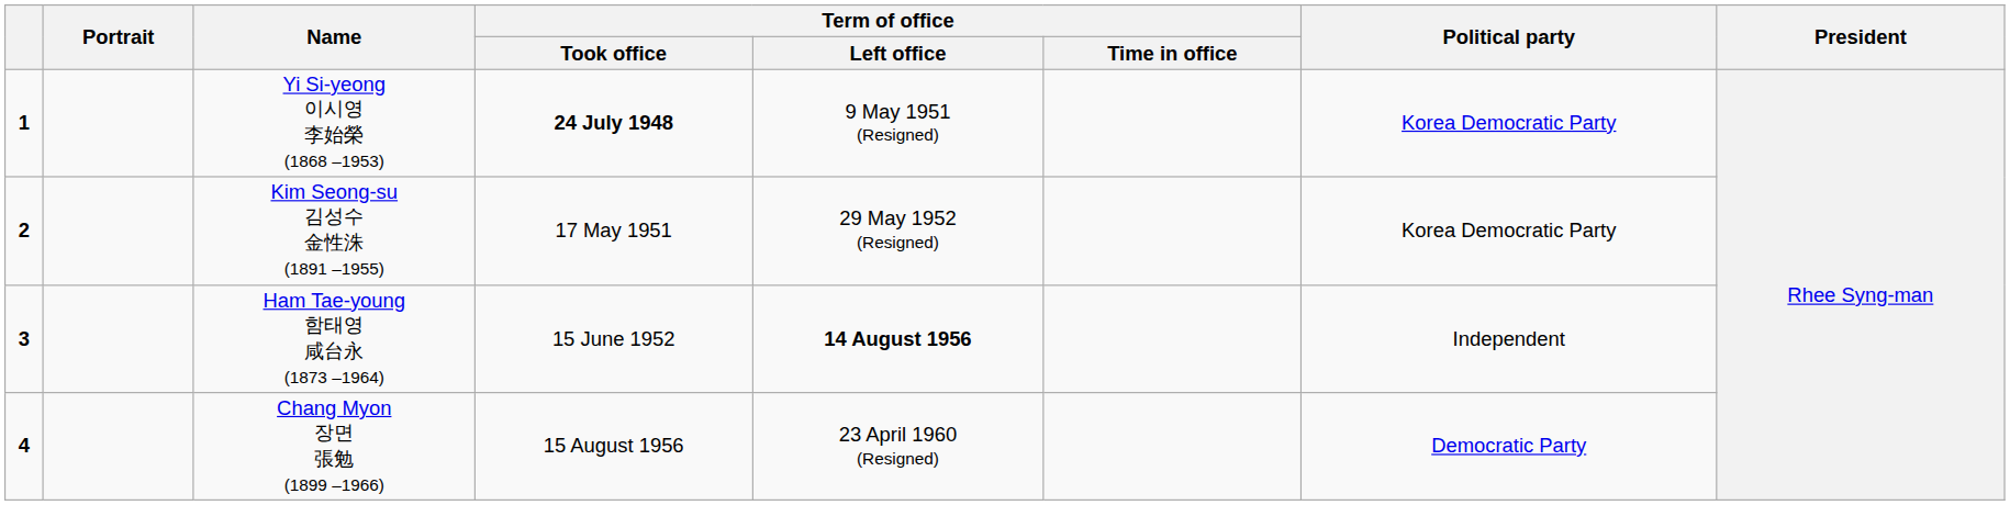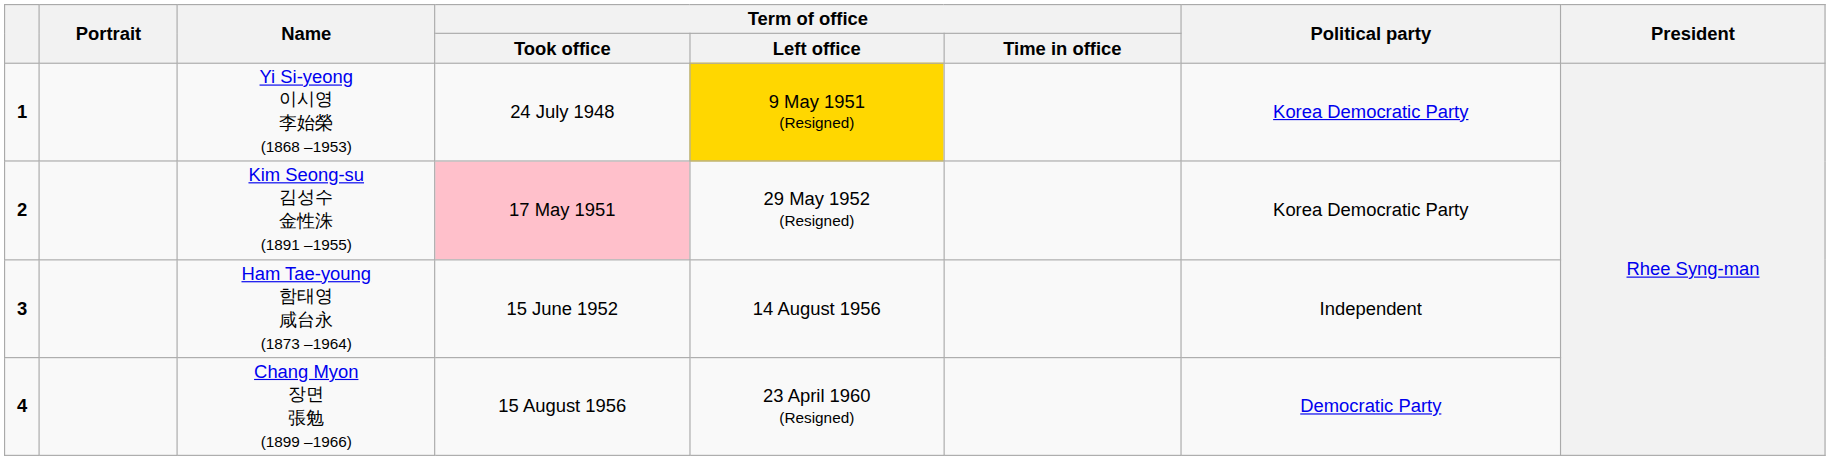 <table class="wikitable" width="100%" style="text-align:center">
 <tr>
 <th rowspan="2"></th>
 <th rowspan="2">Portrait</th>
 <th rowspan="2">Name</th>
 <th colspan="3">Term of office</th>
 <th rowspan="2">Political party</th>
 <th rowspan="2">President</th>
 </tr>
 <tr>
 <th>Took office</th>
 <th>Left office</th>
 <th>Time in office</th>
 </tr>
 <tr>
 <td style="background:"><strong>1</strong></td>
 <td></td>
 <td><a href='#'>Yi Si-yeong</a><br>이시영<br>李始榮<br><small>(1868 –1953)</small></td>
-<td><strong>24 July 1948</strong></td>
-<td>9 May 1951<br><small>(Resigned)</small></td>
+<td>24 July 1948</td>
+<td style="background: gold;">9 May 1951<br><small>(Resigned)</small></td>
 <td></td>
 <td><a href='#'>Korea Democratic Party</a></td>
 <th rowspan="4" style="font-weight:normal;"><br><a href='#'>Rhee Syng-man</a></th>
 </tr>
 <tr>
 <td style="background:"><strong>2</strong></td>
 <td></td>
 <td><a href='#'>Kim Seong-su</a><br>김성수<br>金性洙<br><small>(1891 –1955)</small></td>
-<td>17 May 1951</td>
+<td style="background: pink;">17 May 1951</td>
 <td>29 May 1952<br><small>(Resigned)</small></td>
 <td></td>
 <td>Korea Democratic Party</td>
 </tr>
 <tr>
 <td style="background:"><strong>3</strong></td>
 <td></td>
 <td><a href='#'>Ham Tae-young</a><br>함태영<br>咸台永<br><small>(1873 –1964)</small></td>
 <td>15 June 1952</td>
-<td><strong>14 August 1956</strong></td>
+<td>14 August 1956</td>
 <td></td>
 <td>Independent</td>
 </tr>
 <tr>
 <td style="background:"><strong>4</strong></td>
 <td></td>
 <td><a href='#'>Chang Myon</a><br>장면<br>張勉<br><small>(1899 –1966)</small></td>
 <td>15 August 1956</td>
 <td>23 April 1960<br><small>(Resigned)</small></td>
 <td></td>
 <td><a href='#'>Democratic Party</a></td>
 </tr>
 </table>
